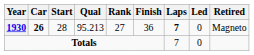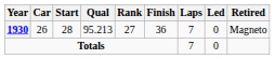 <table class="wikitable" style="text-align:center">
 <tr>
 <th>Year</th>
 <th>Car</th>
 <th>Start</th>
 <th>Qual</th>
 <th>Rank</th>
 <th>Finish</th>
 <th>Laps</th>
 <th>Led</th>
 <th>Retired</th>
 </tr>
 <tr>
 <th><a href='#'>1930</a></th>
-<td><strong>26</strong></td>
+<td>26</td>
 <td>28</td>
 <td>95.213</td>
 <td>27</td>
 <td>36</td>
-<td><strong>7</strong></td>
+<td>7</td>
 <td>0</td>
 <td>Magneto</td>
 </tr>
 <tr>
 <td colspan=6><strong>Totals</strong></td>
 <td>7</td>
 <td>0</td>
 <td></td>
 </tr>
 </table>
